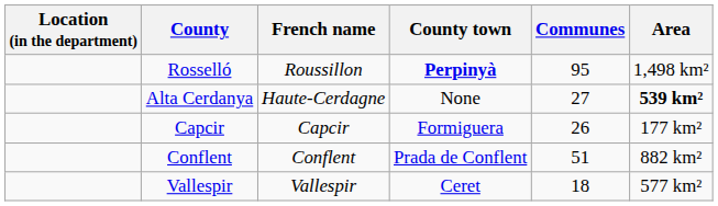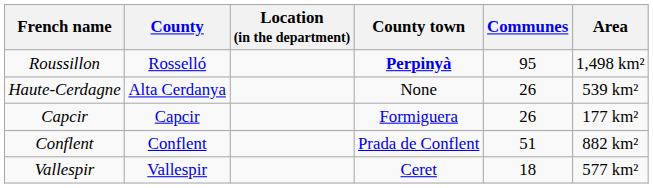 <table class="wikitable sortable" id="list" style="text-align: center;">
 <tr>
+<th>French name</th>
+<th><a href='#'>County</a></th>
 <th>Location<br><small>(in the department)</small></th>
-<th><a href='#'>County</a></th>
-<th>French name</th>
 <th>County town</th>
 <th><a href='#'>Communes</a></th>
 <th>Area</th>
 </tr>
 <tr>
+<td><em>Roussillon</em></td>
+<td><a href='#'>Rosselló</a></td>
 <td></td>
-<td><a href='#'>Rosselló</a></td>
-<td><em>Roussillon</em></td>
 <td><strong><a href='#'>Perpinyà</a></strong></td>
 <td>95</td>
 <td>1,498 km²</td>
 </tr>
 <tr>
+<td><em>Haute-Cerdagne</em></td>
+<td><a href='#'>Alta Cerdanya</a></td>
 <td></td>
-<td><a href='#'>Alta Cerdanya</a></td>
-<td><em>Haute-Cerdagne</em></td>
 <td>None</td>
-<td>27</td>
-<td><strong>539 km²</strong></td>
+<td>26</td>
+<td>539 km²</td>
 </tr>
 <tr>
+<td><em>Capcir</em></td>
+<td><a href='#'>Capcir</a></td>
 <td></td>
-<td><a href='#'>Capcir</a></td>
-<td><em>Capcir</em></td>
 <td><a href='#'>Formiguera</a></td>
 <td>26</td>
 <td>177 km²</td>
 </tr>
 <tr>
+<td><em>Conflent</em></td>
+<td><a href='#'>Conflent</a></td>
 <td></td>
-<td><a href='#'>Conflent</a></td>
-<td><em>Conflent</em></td>
 <td><a href='#'>Prada de Conflent</a></td>
 <td>51</td>
 <td>882 km²</td>
 </tr>
 <tr>
+<td><em>Vallespir</em></td>
+<td><a href='#'>Vallespir</a></td>
 <td></td>
-<td><a href='#'>Vallespir</a></td>
-<td><em>Vallespir</em></td>
 <td><a href='#'>Ceret</a></td>
 <td>18</td>
 <td>577 km²</td>
 </tr>
 </table>
